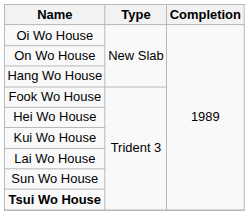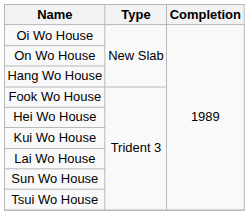 <table class="wikitable" style="text-align: center">
 <tr>
 <th>Name</th>
 <th>Type</th>
 <th>Completion</th>
 </tr>
 <tr>
 <td>Oi Wo House</td>
 <td rowspan="3">New Slab</td>
 <td rowspan="9">1989</td>
 </tr>
 <tr>
 <td>On Wo House</td>
 </tr>
 <tr>
 <td>Hang Wo House</td>
 </tr>
 <tr>
 <td>Fook Wo House</td>
 <td rowspan="6">Trident 3</td>
 </tr>
 <tr>
 <td>Hei Wo House</td>
 </tr>
 <tr>
 <td>Kui Wo House</td>
 </tr>
 <tr>
 <td>Lai Wo House</td>
 </tr>
 <tr>
 <td>Sun Wo House</td>
 </tr>
 <tr>
-<td><strong>Tsui Wo House</strong></td>
+<td>Tsui Wo House</td>
 </tr>
 <tr>
 </tr>
 </table>
